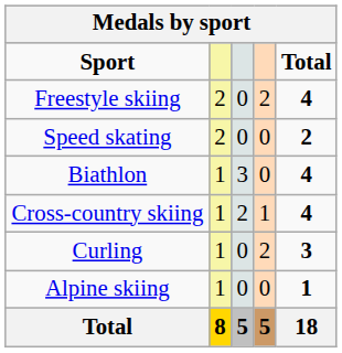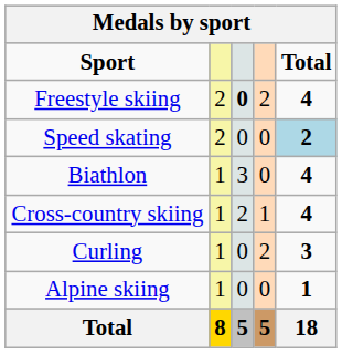 <table class="wikitable" style="font-size:85%; float:right">
 <tr style="background:#efefef;">
 <th colspan=5>Medals by sport</th>
 </tr>
 <tr align=center>
 <td><strong>Sport</strong></td>
 <td bgcolor=#f7f6a8></td>
 <td bgcolor=#dce5e5></td>
 <td bgcolor=#ffdab9></td>
 <td><strong>Total</strong></td>
 </tr>
 <tr align=center>
 <td><a href='#'>Freestyle skiing</a></td>
 <td style="background:#F7F6A8;">2</td>
-<td style="background:#DCE5E5;">0</td>
+<td style="background:#DCE5E5;"><strong>0</strong></td>
 <td style="background:#FFDAB9;">2</td>
 <td><strong>4</strong></td>
 </tr>
 <tr align=center>
 <td><a href='#'>Speed skating</a></td>
 <td style="background:#F7F6A8;">2</td>
 <td style="background:#DCE5E5;">0</td>
 <td style="background:#FFDAB9;">0</td>
-<td><strong>2</strong></td>
+<td style="background: lightblue;"><strong>2</strong></td>
 </tr>
 <tr align=center>
 <td><a href='#'>Biathlon</a></td>
 <td style="background:#F7F6A8;">1</td>
 <td style="background:#DCE5E5;">3</td>
 <td style="background:#FFDAB9;">0</td>
 <td><strong>4</strong></td>
 </tr>
 <tr align=center>
 <td><a href='#'>Cross-country skiing</a></td>
 <td style="background:#F7F6A8;">1</td>
 <td style="background:#DCE5E5;">2</td>
 <td style="background:#FFDAB9;">1</td>
 <td><strong>4</strong></td>
 </tr>
 <tr align=center>
 <td><a href='#'>Curling</a></td>
 <td style="background:#F7F6A8;">1</td>
 <td style="background:#DCE5E5;">0</td>
 <td style="background:#FFDAB9;">2</td>
 <td><strong>3</strong></td>
 </tr>
 <tr align=center>
 <td><a href='#'>Alpine skiing</a></td>
 <td style="background:#F7F6A8;">1</td>
 <td style="background:#DCE5E5;">0</td>
 <td style="background:#FFDAB9;">0</td>
 <td><strong>1</strong></td>
 </tr>
 <tr align=center>
 <th>Total</th>
 <th style="background:gold;">8</th>
 <th style="background:silver;">5</th>
 <th style="background:#c96;">5</th>
 <th>18</th>
 </tr>
 </table>
